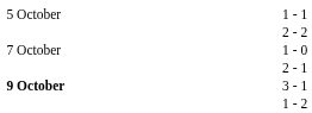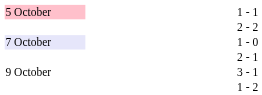 <table cellspacing=1 width=85%>
 <tr>
 <th width=15%></th>
 <th width=25%></th>
 <th width=10%></th>
 <th width=25%></th>
 <th width=25%></th>
 </tr>
 <tr>
-<td>5 October</td>
+<td style="background: pink;">5 October</td>
 <td align=right></td>
 <td align=center>1 - 1</td>
 <td></td>
 </tr>
 <tr>
 <td></td>
 <td align=right></td>
 <td align=center>2 - 2</td>
 <td></td>
 </tr>
 <tr>
-<td>7 October</td>
+<td style="background: lavender;">7 October</td>
 <td align=right></td>
 <td align=center>1 - 0</td>
 <td></td>
 </tr>
 <tr>
 <td></td>
 <td align=right></td>
 <td align=center>2 - 1</td>
 <td></td>
 </tr>
 <tr>
-<td><strong>9 October</strong></td>
+<td>9 October</td>
 <td align=right></td>
 <td align=center>3 - 1</td>
 <td></td>
 </tr>
 <tr>
 <td></td>
 <td align=right></td>
 <td align=center>1 - 2</td>
 <td></td>
 </tr>
 </table>
